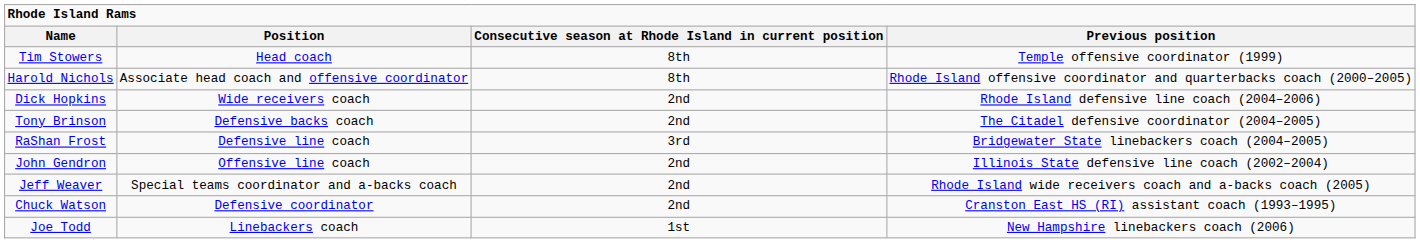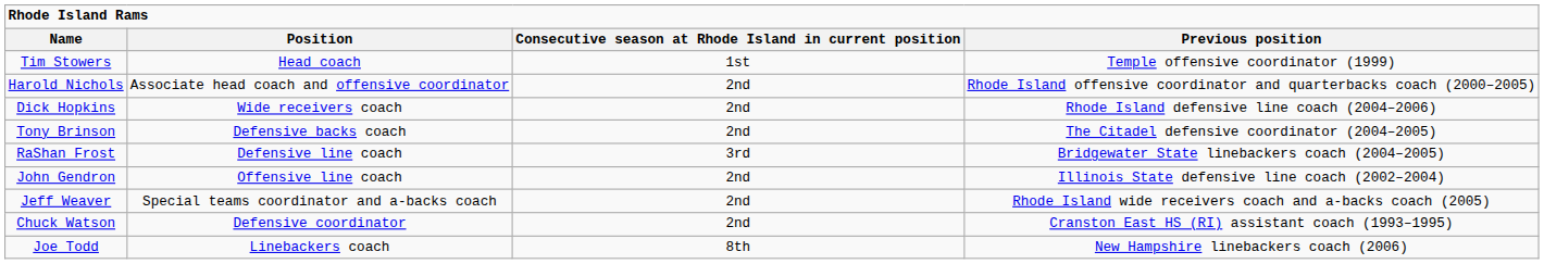 <table class="wikitable" style="font-size:90%;">
 <tr>
 <td colspan=5><strong>Rhode Island Rams</strong></td>
 </tr>
 <tr align="center";>
 <th>Name</th>
 <th>Position</th>
 <th>Consecutive season at Rhode Island in current position</th>
 <th>Previous position</th>
 </tr>
 <tr align="center";>
 <td><a href='#'>Tim Stowers</a></td>
 <td><a href='#'>Head coach</a></td>
-<td>8th</td>
+<td>1st</td>
 <td><a href='#'>Temple</a> offensive coordinator (1999)</td>
 </tr>
 <tr align="center" ;>
 <td><a href='#'>Harold Nichols</a></td>
 <td>Associate head coach and <a href='#'>offensive coordinator</a></td>
-<td>8th</td>
+<td>2nd</td>
 <td><a href='#'>Rhode Island</a> offensive coordinator and quarterbacks coach (2000–2005)</td>
 </tr>
 <tr align="center" ;>
 <td><a href='#'>Dick Hopkins</a></td>
 <td><a href='#'>Wide receivers</a> coach</td>
 <td>2nd</td>
 <td><a href='#'>Rhode Island</a> defensive line coach (2004–2006)</td>
 </tr>
 <tr align="center" ;>
 <td><a href='#'>Tony Brinson</a></td>
 <td><a href='#'>Defensive backs</a> coach</td>
 <td>2nd</td>
 <td><a href='#'>The Citadel</a> defensive coordinator (2004–2005)</td>
 </tr>
 <tr align="center" ;>
 <td><a href='#'>RaShan Frost</a></td>
 <td><a href='#'>Defensive line</a> coach</td>
 <td>3rd</td>
 <td><a href='#'>Bridgewater State</a> linebackers coach (2004–2005)</td>
 </tr>
 <tr align="center" ;>
 <td><a href='#'>John Gendron</a></td>
 <td><a href='#'>Offensive line</a> coach</td>
 <td>2nd</td>
 <td><a href='#'>Illinois State</a> defensive line coach (2002–2004)</td>
 </tr>
 <tr align="center" ;>
 <td><a href='#'>Jeff Weaver</a></td>
 <td>Special teams coordinator and a-backs coach</td>
 <td>2nd</td>
 <td><a href='#'>Rhode Island</a> wide receivers coach and a-backs coach (2005)</td>
 </tr>
 <tr align="center" ;>
 <td><a href='#'>Chuck Watson</a></td>
 <td><a href='#'>Defensive coordinator</a></td>
 <td>2nd</td>
 <td><a href='#'>Cranston East HS (RI)</a> assistant coach (1993–1995)</td>
 </tr>
 <tr align="center" ;>
 <td><a href='#'>Joe Todd</a></td>
 <td><a href='#'>Linebackers</a> coach</td>
-<td>1st</td>
+<td>8th</td>
 <td><a href='#'>New Hampshire</a> linebackers coach (2006)</td>
 </tr>
 </table>
